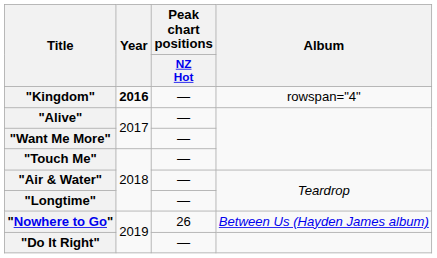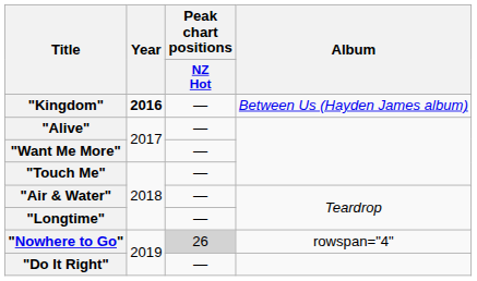 <table class="wikitable plainrowheaders" style="text-align:center;">
 <tr>
 <th scope="col" rowspan="2">Title</th>
 <th scope="col" rowspan="2">Year</th>
 <th scope="col" colspan="1">Peak chart positions</th>
 <th scope="col" rowspan="2">Album</th>
 </tr>
 <tr>
 <th scope="col" style="width:3em;font-size:90%;"><a href='#'>NZ<br>Hot</a></th>
 </tr>
 <tr>
 <th scope="row">"Kingdom"</th>
 <td><strong>2016</strong></td>
 <td>—</td>
-<td>rowspan="4" </td>
+<td><em><a href='#'>Between Us (Hayden James album)</a></em></td>
 </tr>
 <tr>
 <th scope="row">"Alive"</th>
 <td rowspan="2">2017</td>
 <td>—</td>
 </tr>
 <tr>
 <th scope="row">"Want Me More"</th>
 <td>—</td>
 </tr>
 <tr>
 <th scope="row">"Touch Me"</th>
 <td rowspan="3">2018</td>
 <td>—</td>
 </tr>
 <tr>
 <th scope="row">"Air & Water"</th>
 <td>—</td>
 <td rowspan="2"><em>Teardrop</em></td>
 </tr>
 <tr>
 <th scope="row">"Longtime"</th>
 <td>—</td>
 </tr>
 <tr>
 <th scope="row">"<a href='#'>Nowhere to Go</a>"</th>
 <td rowspan="2">2019</td>
-<td>26</td>
-<td><em><a href='#'>Between Us (Hayden James album)</a></em></td>
+<td style="background: lightgrey;">26</td>
+<td>rowspan="4" </td>
 </tr>
 <tr>
 <th scope="row">"Do It Right"</th>
 <td>—</td>
 <td></td>
 </tr>
 </table>
